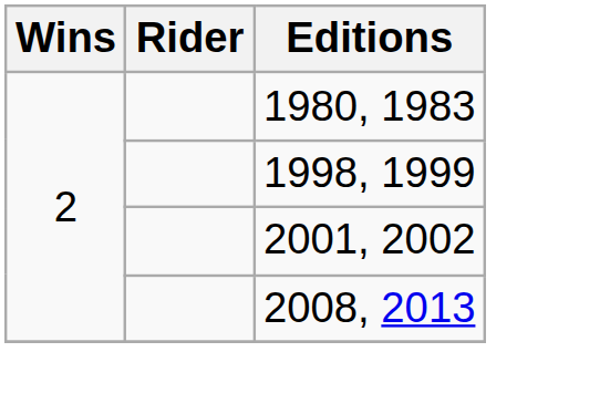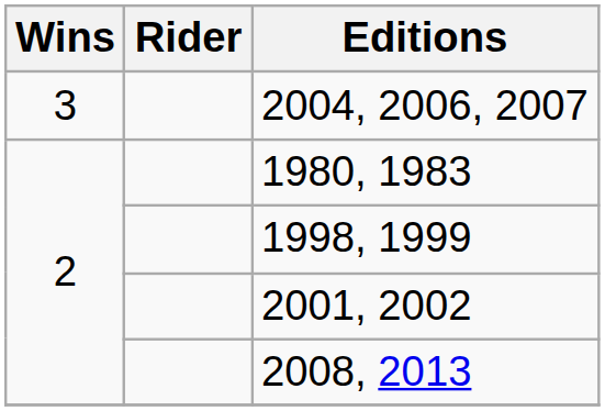 <table class="wikitable">
 <tr ---->
 <th>Wins</th>
 <th>Rider</th>
 <th>Editions</th>
+</tr>
+<tr>
+<td align=center>3</td>
+<td></td>
+<td>2004, 2006, 2007</td>
 </tr>
 <tr>
 <td align=center rowspan= 4>2</td>
 <td></td>
 <td>1980, 1983</td>
 </tr>
 <tr>
 <td></td>
 <td>1998, 1999</td>
 </tr>
 <tr>
 <td></td>
 <td>2001, 2002</td>
 </tr>
 <tr>
 <td></td>
 <td>2008, <a href='#'>2013</a></td>
 </tr>
 <tr>
 </tr>
 </table>
